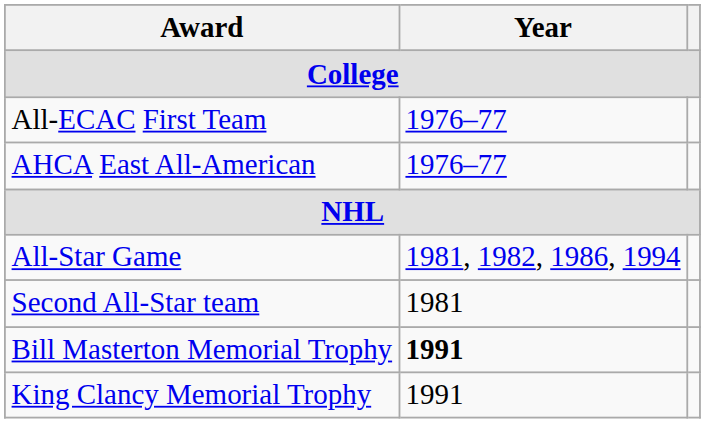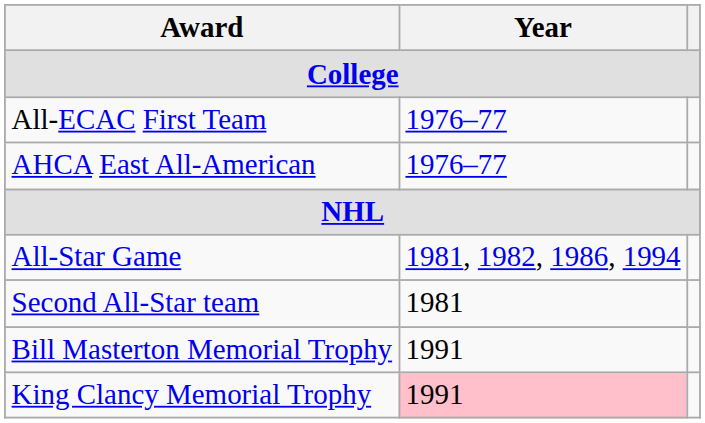 <table class="wikitable">
 <tr>
 <th>Award</th>
 <th>Year</th>
 <th></th>
 </tr>
 <tr ALIGN="center" bgcolor="#e0e0e0">
 <td colspan="3"><strong><a href='#'>College</a></strong></td>
 </tr>
 <tr>
 <td>All-<a href='#'>ECAC</a> <a href='#'>First Team</a></td>
 <td><a href='#'>1976–77</a></td>
 <td></td>
 </tr>
 <tr>
 <td><a href='#'>AHCA</a> <a href='#'>East All-American</a></td>
 <td><a href='#'>1976–77</a></td>
 <td></td>
 </tr>
 <tr ALIGN="center" bgcolor="#e0e0e0">
 <td colspan="3"><strong><a href='#'>NHL</a></strong></td>
 </tr>
 <tr>
 <td><a href='#'>All-Star Game</a></td>
 <td><a href='#'>1981</a>, <a href='#'>1982</a>, <a href='#'>1986</a>, <a href='#'>1994</a></td>
 <td></td>
 </tr>
 <tr>
 <td><a href='#'>Second All-Star team</a></td>
 <td>1981</td>
 <td></td>
 </tr>
 <tr>
 <td><a href='#'>Bill Masterton Memorial Trophy</a></td>
-<td><strong>1991</strong></td>
+<td>1991</td>
 <td></td>
 </tr>
 <tr>
 <td><a href='#'>King Clancy Memorial Trophy</a></td>
-<td>1991</td>
+<td style="background: pink;">1991</td>
 <td></td>
 </tr>
 </table>
